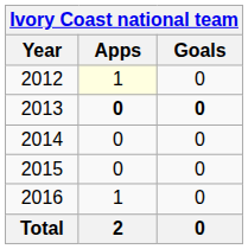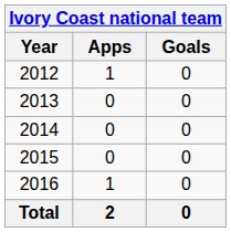 <table class="wikitable" style="text-align:center">
 <tr>
 <th colspan=3><a href='#'>Ivory Coast national team</a></th>
 </tr>
 <tr>
 <th>Year</th>
 <th>Apps</th>
 <th>Goals</th>
 </tr>
 <tr>
 <td>2012</td>
-<td style="background: lightyellow;">1</td>
+<td>1</td>
 <td>0</td>
 </tr>
 <tr>
 <td>2013</td>
-<td><strong>0</strong></td>
-<td><strong>0</strong></td>
+<td>0</td>
+<td>0</td>
 </tr>
 <tr>
 <td>2014</td>
 <td>0</td>
 <td>0</td>
 </tr>
 <tr>
 <td>2015</td>
 <td>0</td>
 <td>0</td>
 </tr>
 <tr>
 <td>2016</td>
 <td>1</td>
 <td>0</td>
 </tr>
 <tr>
 <th>Total</th>
 <th>2</th>
 <th>0</th>
 </tr>
 </table>
